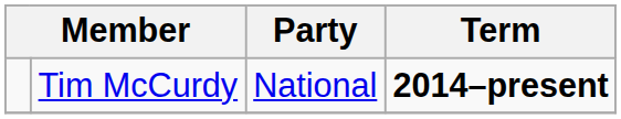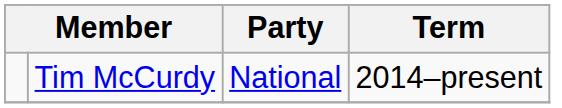 <table class="wikitable">
 <tr>
 <th colspan="2">Member</th>
 <th>Party</th>
 <th>Term</th>
 </tr>
 <tr>
 <td> </td>
 <td><a href='#'>Tim McCurdy</a></td>
 <td><a href='#'>National</a></td>
-<td><strong>2014–present</strong></td>
+<td>2014–present</td>
 </tr>
 <tr>
 </tr>
 </table>
